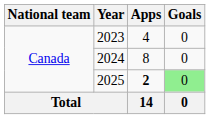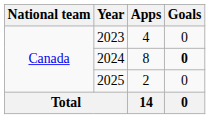 <table class="wikitable" style="text-align:center">
 <tr>
 <th>National team</th>
 <th>Year</th>
 <th>Apps</th>
 <th>Goals</th>
 </tr>
 <tr>
 <td rowspan="3"><a href='#'>Canada</a></td>
 <td>2023</td>
 <td>4</td>
 <td>0</td>
 </tr>
 <tr>
 <td>2024</td>
 <td>8</td>
-<td>0</td>
+<td><strong>0</strong></td>
 </tr>
 <tr>
 <td>2025</td>
-<td><strong>2</strong></td>
-<td style="background: lightgreen;">0</td>
+<td>2</td>
+<td>0</td>
 </tr>
 <tr>
 <th colspan="2">Total</th>
 <th>14</th>
 <th>0</th>
 </tr>
 </table>
